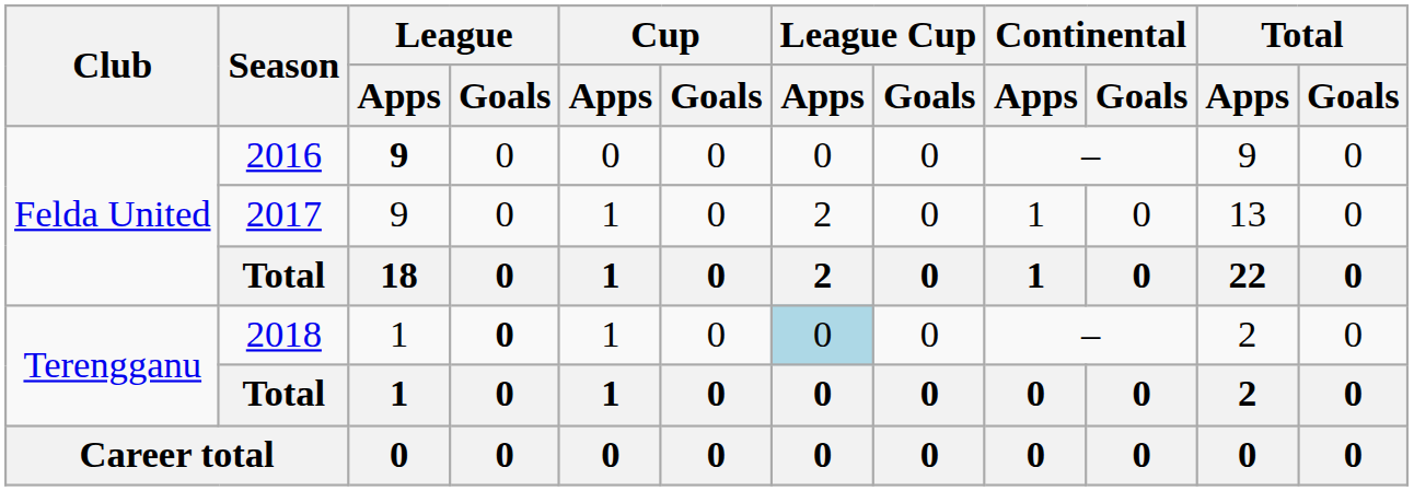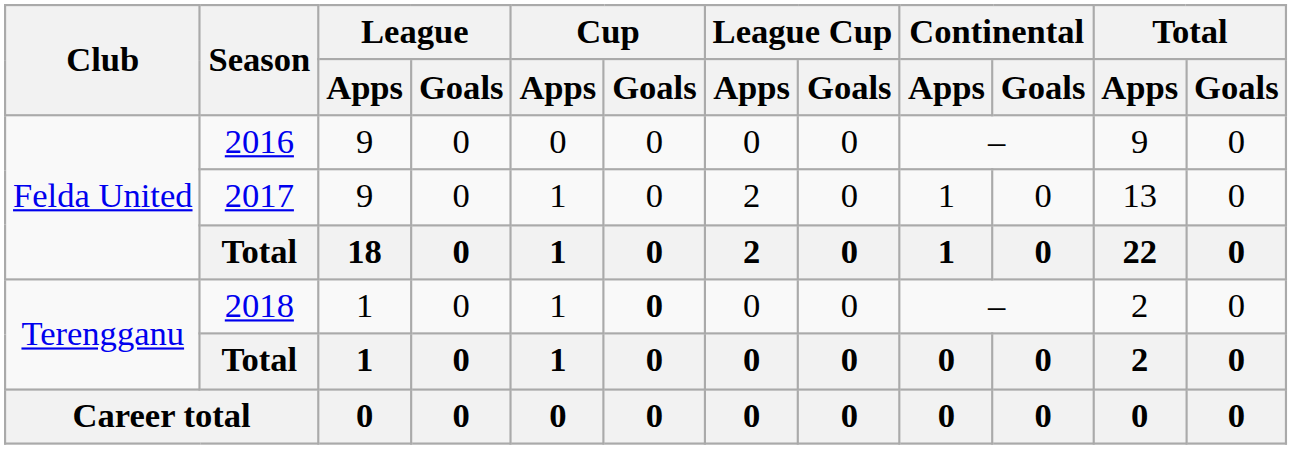 <table class="wikitable" style="text-align: center;">
 <tr>
 <th rowspan="2">Club</th>
 <th rowspan="2">Season</th>
 <th colspan="2">League</th>
 <th colspan="2">Cup</th>
 <th colspan="2">League Cup</th>
 <th colspan="2">Continental</th>
 <th colspan="2">Total</th>
 </tr>
 <tr>
 <th>Apps</th>
 <th>Goals</th>
 <th>Apps</th>
 <th>Goals</th>
 <th>Apps</th>
 <th>Goals</th>
 <th>Apps</th>
 <th>Goals</th>
 <th>Apps</th>
 <th>Goals</th>
 </tr>
 <tr>
 <td rowspan="3" valign="center"><a href='#'>Felda United</a></td>
 <td><a href='#'>2016</a></td>
-<td><strong>9</strong></td>
+<td>9</td>
 <td>0</td>
 <td>0</td>
 <td>0</td>
 <td>0</td>
 <td>0</td>
 <td colspan="2">–</td>
 <td>9</td>
 <td>0</td>
 </tr>
 <tr>
 <td><a href='#'>2017</a></td>
 <td>9</td>
 <td>0</td>
 <td>1</td>
 <td>0</td>
 <td>2</td>
 <td>0</td>
 <td>1</td>
 <td>0</td>
 <td>13</td>
 <td>0</td>
 </tr>
 <tr>
 <th>Total</th>
 <th>18</th>
 <th>0</th>
 <th>1</th>
 <th>0</th>
 <th>2</th>
 <th>0</th>
 <th>1</th>
 <th>0</th>
 <th>22</th>
 <th>0</th>
 </tr>
 <tr>
 <td rowspan="2" valign="center"><a href='#'>Terengganu</a></td>
 <td><a href='#'>2018</a></td>
 <td>1</td>
+<td>0</td>
+<td>1</td>
 <td><strong>0</strong></td>
-<td>1</td>
 <td>0</td>
-<td style="background: lightblue;">0</td>
 <td>0</td>
 <td colspan="2">–</td>
 <td>2</td>
 <td>0</td>
 </tr>
 <tr>
 <th>Total</th>
 <th>1</th>
 <th>0</th>
 <th>1</th>
 <th>0</th>
 <th>0</th>
 <th>0</th>
 <th>0</th>
 <th>0</th>
 <th>2</th>
 <th>0</th>
 </tr>
 <tr>
 <th colspan="2">Career total</th>
 <th>0</th>
 <th>0</th>
 <th>0</th>
 <th>0</th>
 <th>0</th>
 <th>0</th>
 <th>0</th>
 <th>0</th>
 <th>0</th>
 <th>0</th>
 </tr>
 </table>
